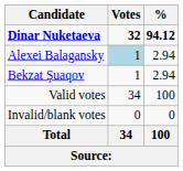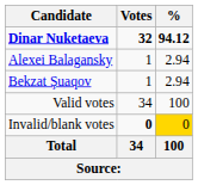 <table class="wikitable" style="text-align:right">
 <tr>
 <th>Candidate</th>
 <th>Votes</th>
 <th>%</th>
 </tr>
 <tr>
 <td align="left"><strong><a href='#'>Dinar Nuketaeva</a></strong></td>
 <td><strong>32</strong></td>
 <td><strong>94.12</strong></td>
 </tr>
 <tr>
 <td align="left"><a href='#'>Alexei Balagansky</a></td>
-<td style="background: lightblue;">1</td>
+<td>1</td>
 <td>2.94</td>
 </tr>
 <tr>
 <td align="left"><a href='#'>Bekzat Şuaqov</a></td>
 <td>1</td>
 <td>2.94</td>
 </tr>
 <tr>
 <td>Valid votes</td>
 <td>34</td>
 <td>100</td>
 </tr>
 <tr>
 <td>Invalid/blank votes</td>
-<td>0</td>
-<td>0</td>
+<td><strong>0</strong></td>
+<td style="background: gold;">0</td>
 </tr>
 <tr>
 <th>Total</th>
 <th>34</th>
 <th>100</th>
 </tr>
 <tr>
 <th colspan="3">Source: </th>
 </tr>
 </table>
